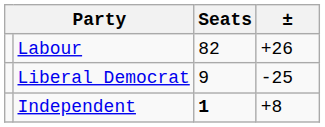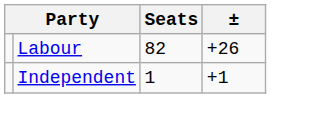 <table class="wikitable">
 <tr>
 <th colspan="2">Party</th>
 <th>Seats</th>
 <th>  ±  </th>
 </tr>
 <tr>
 <td style="background-color: "></td>
 <td><a href='#'>Labour</a></td>
 <td>82</td>
 <td>+26</td>
 </tr>
 <tr>
 <td style="background-color: "></td>
-<td><a href='#'>Liberal Democrat</a></td>
-<td>9</td>
-<td>-25</td>
-</tr>
-<tr>
-<td style="background-color: "></td>
 <td><a href='#'>Independent</a></td>
-<td><strong>1</strong></td>
-<td>+8</td>
+<td>1</td>
+<td>+1</td>
 </tr>
 </table>
